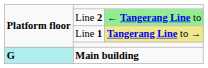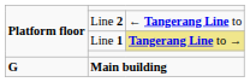 <table class="wikitable">
 <tr>
 <td rowspan="4"><strong>Platform floor</strong></td>
 <td colspan="2"></td>
 </tr>
 <tr>
 <td>Line <strong>2</strong></td>
-<td style="background: lightgreen;">←   <strong><a href='#'>Tangerang Line</a></strong> to </td>
+<td>←   <strong><a href='#'>Tangerang Line</a></strong> to </td>
 </tr>
 <tr>
 <td>Line <strong>1</strong></td>
 <td style="background: khaki;"> <strong><a href='#'>Tangerang Line</a></strong> to   →</td>
 </tr>
 <tr>
 <td colspan="2"></td>
 </tr>
 <tr>
-<td style="background: paleturquoise;"><strong>G</strong></td>
+<td><strong>G</strong></td>
 <td colspan="2"><strong>Main building</strong></td>
 </tr>
 </table>
